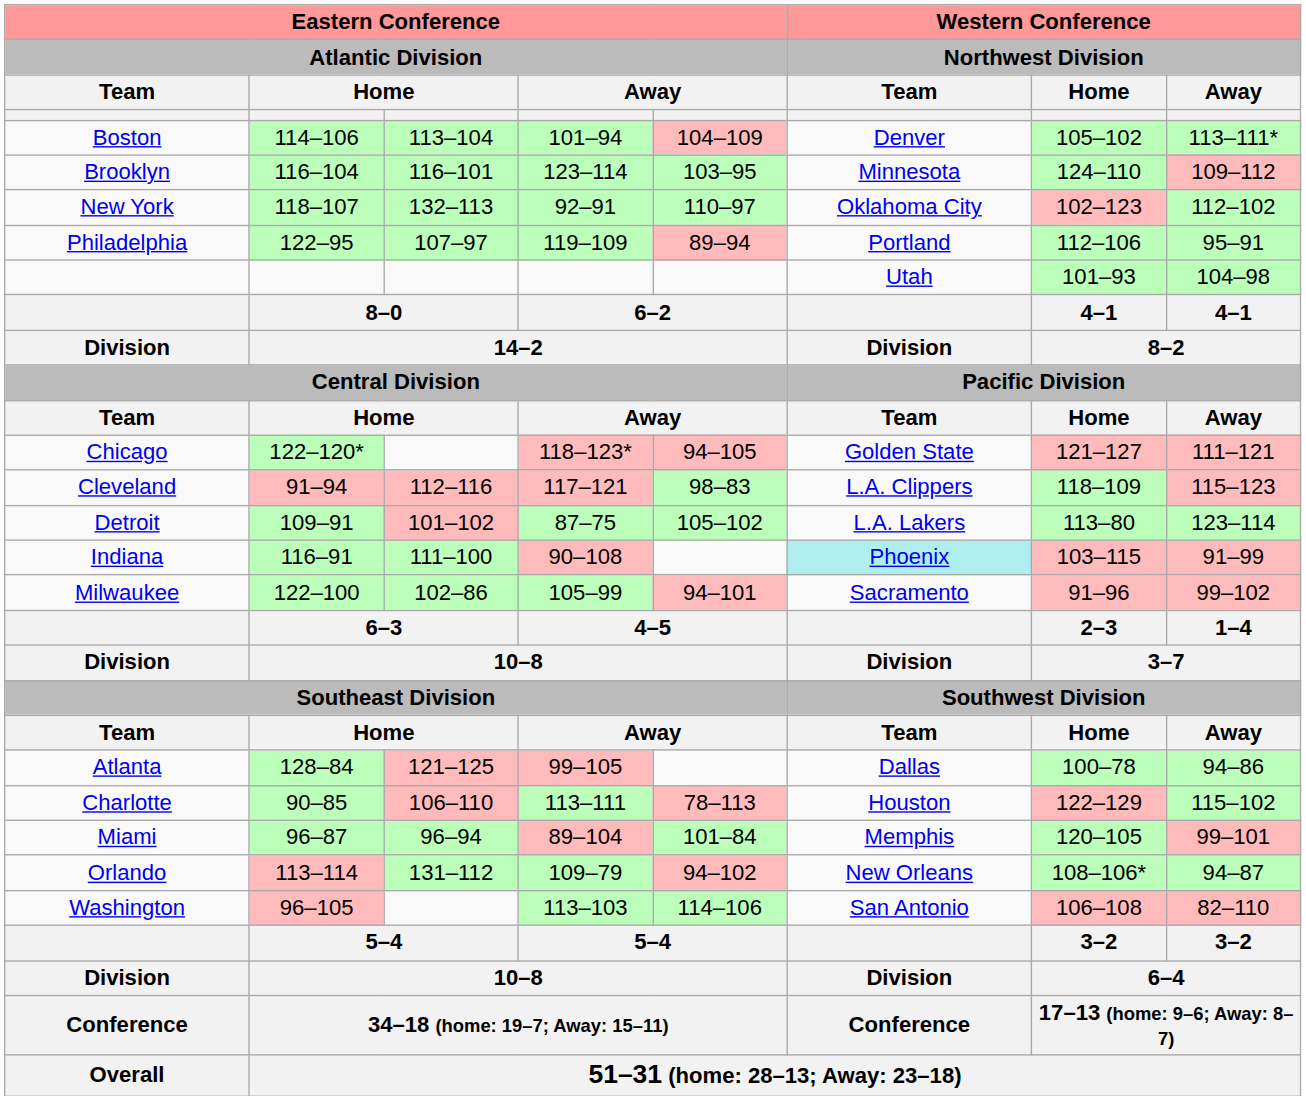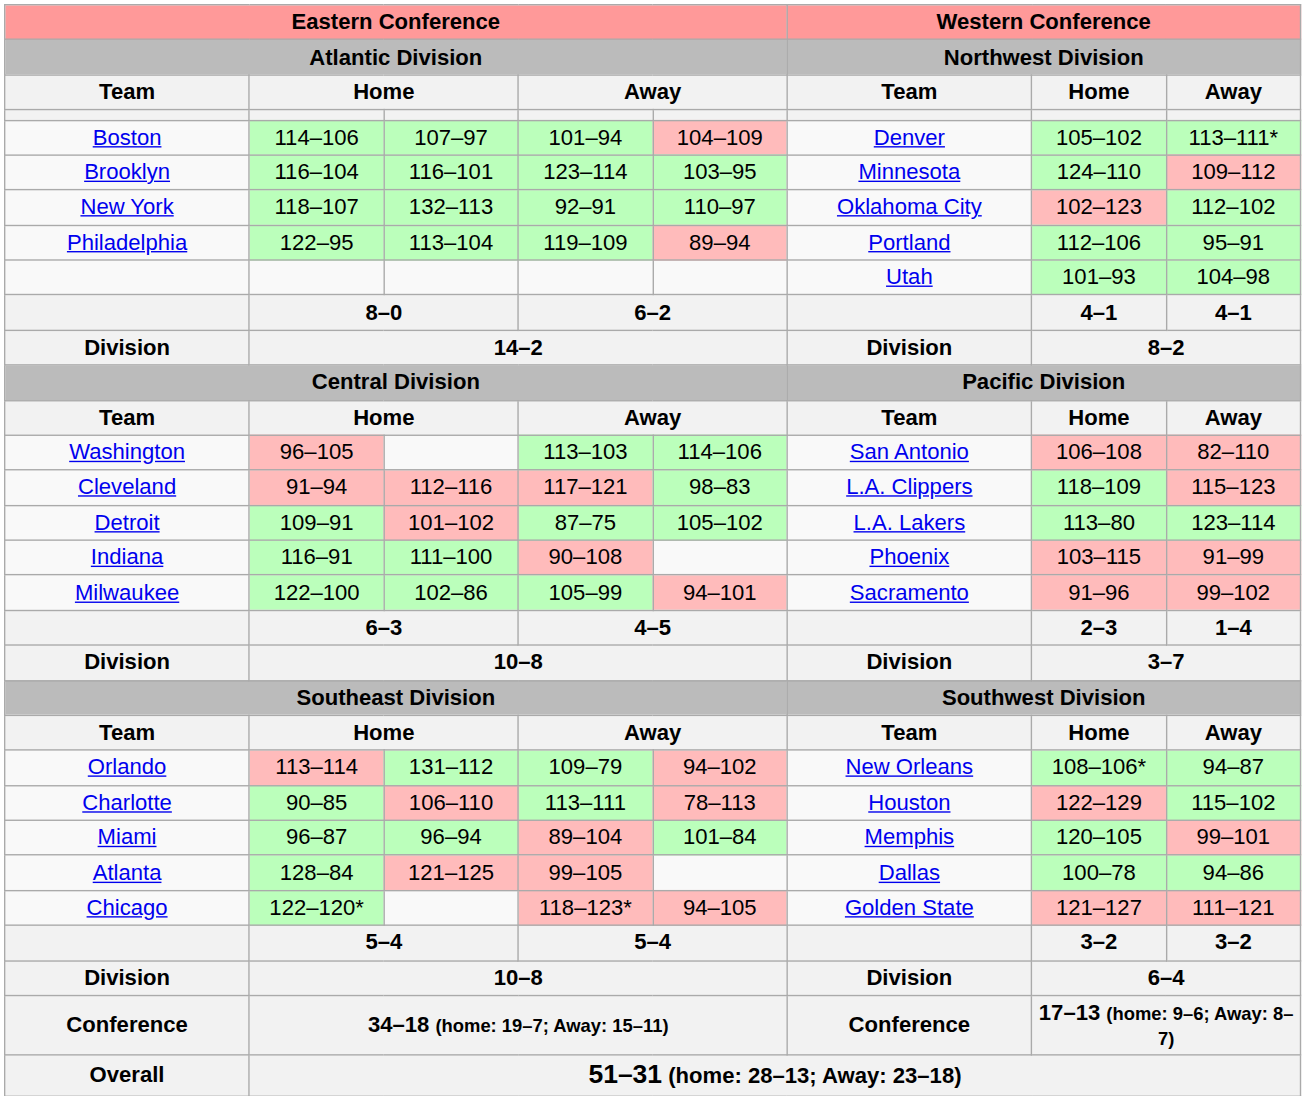 <table class="wikitable" style="font-size: 100%; text-align:center;">
 <tr>
 <th colspan="5" style="background:#FF9999;">Eastern Conference</th>
 <th colspan="3" style="background:#FF9999;">Western Conference</th>
 </tr>
 <tr>
 <th colspan="5" style="background:#BBBBBB;">Atlantic Division</th>
 <th colspan="3" style="background:#BBBBBB;">Northwest Division</th>
 </tr>
 <tr>
 <th colspan="1">Team</th>
 <th colspan="2">Home</th>
 <th colspan="2">Away</th>
 <th colspan="1">Team</th>
 <th colspan="1">Home</th>
 <th colspan="1">Away</th>
 </tr>
 <tr>
 <th width=170></th>
 <th width=90></th>
 <th width=90></th>
 <th width=90></th>
 <th width=90></th>
 <th width=170></th>
 <th width=90></th>
 <th width=90></th>
 </tr>
 <tr>
 <td><a href='#'>Boston</a></td>
 <td style="background:#bfb;">114–106</td>
-<td style="background:#bfb;">113–104</td>
+<td style="background:#bfb;">107–97</td>
 <td style="background:#bfb;">101–94</td>
 <td style="background:#fbb;">104–109</td>
 <td><a href='#'>Denver</a></td>
 <td style="background:#bfb;">105–102</td>
 <td style="background:#bfb;">113–111*</td>
 </tr>
 <tr>
 <td><a href='#'>Brooklyn</a></td>
 <td style="background:#bfb;">116–104</td>
 <td style="background:#bfb;">116–101</td>
 <td style="background:#bfb;">123–114</td>
 <td style="background:#bfb;">103–95</td>
 <td><a href='#'>Minnesota</a></td>
 <td style="background:#bfb;">124–110</td>
 <td style="background:#fbb;">109–112</td>
 </tr>
 <tr>
 <td><a href='#'>New York</a></td>
 <td style="background:#bfb;">118–107</td>
 <td style="background:#bfb;">132–113</td>
 <td style="background:#bfb;">92–91</td>
 <td style="background:#bfb;">110–97</td>
 <td><a href='#'>Oklahoma City</a></td>
 <td style="background:#fbb;">102–123</td>
 <td style="background:#bfb;">112–102</td>
 </tr>
 <tr>
 <td><a href='#'>Philadelphia</a></td>
 <td style="background:#bfb;">122–95</td>
-<td style="background:#bfb;">107–97</td>
+<td style="background:#bfb;">113–104</td>
 <td style="background:#bfb;">119–109</td>
 <td style="background:#fbb;">89–94</td>
 <td><a href='#'>Portland</a></td>
 <td style="background:#bfb;">112–106</td>
 <td style="background:#bfb;">95–91</td>
 </tr>
 <tr>
 <td></td>
 <td></td>
 <td></td>
 <td></td>
 <td></td>
 <td><a href='#'>Utah</a></td>
 <td style="background:#bfb;">101–93</td>
 <td style="background:#bfb;">104–98</td>
 </tr>
 <tr>
 <th colspan="1"></th>
 <th colspan="2"><strong>8–0</strong></th>
 <th colspan="2"><strong>6–2</strong></th>
 <th colspan="1"></th>
 <th colspan="1"><strong>4–1</strong></th>
 <th colspan="1"><strong>4–1</strong></th>
 </tr>
 <tr>
 <th colspan="1"><strong>Division</strong></th>
 <th colspan="4"><strong>14–2</strong></th>
 <th colspan="1"><strong>Division</strong></th>
 <th colspan="2"><strong>8–2</strong></th>
 </tr>
 <tr>
 <th colspan="5" style="background:#BBBBBB;">Central Division</th>
 <th colspan="3" style="background:#BBBBBB;">Pacific Division</th>
 </tr>
 <tr>
 <th colspan="1">Team</th>
 <th colspan="2">Home</th>
 <th colspan="2">Away</th>
 <th colspan="1">Team</th>
 <th colspan="1">Home</th>
 <th colspan="1">Away</th>
 </tr>
 <tr>
-<td><a href='#'>Chicago</a></td>
-<td style="background:#bfb;">122–120*</td>
+<td><a href='#'>Washington</a></td>
+<td style="background:#fbb;">96–105</td>
 <td></td>
-<td style="background:#fbb;">118–123*</td>
-<td style="background:#fbb;">94–105</td>
-<td><a href='#'>Golden State</a></td>
-<td style="background:#fbb;">121–127</td>
-<td style="background:#fbb;">111–121</td>
+<td style="background:#bfb;">113–103</td>
+<td style="background:#bfb;">114–106</td>
+<td><a href='#'>San Antonio</a></td>
+<td style="background:#fbb;">106–108</td>
+<td style="background:#fbb;">82–110</td>
 </tr>
 <tr>
 <td><a href='#'>Cleveland</a></td>
 <td style="background:#fbb;">91–94</td>
 <td style="background:#fbb;">112–116</td>
 <td style="background:#fbb;">117–121</td>
 <td style="background:#bfb;">98–83</td>
 <td><a href='#'>L.A. Clippers</a></td>
 <td style="background:#bfb;">118–109</td>
 <td style="background:#fbb;">115–123</td>
 </tr>
 <tr>
 <td><a href='#'>Detroit</a></td>
 <td style="background:#bfb;">109–91</td>
 <td style="background:#fbb;">101–102</td>
 <td style="background:#bfb;">87–75</td>
 <td style="background:#bfb;">105–102</td>
 <td><a href='#'>L.A. Lakers</a></td>
 <td style="background:#bfb;">113–80</td>
 <td style="background:#bfb;">123–114</td>
 </tr>
 <tr>
 <td><a href='#'>Indiana</a></td>
 <td style="background:#bfb;">116–91</td>
 <td style="background:#bfb;">111–100</td>
 <td style="background:#fbb;">90–108</td>
 <td></td>
-<td style="background: paleturquoise;"><a href='#'>Phoenix</a></td>
+<td><a href='#'>Phoenix</a></td>
 <td style="background:#fbb;">103–115</td>
 <td style="background:#fbb;">91–99</td>
 </tr>
 <tr>
 <td><a href='#'>Milwaukee</a></td>
 <td style="background:#bfb;">122–100</td>
 <td style="background:#bfb;">102–86</td>
 <td style="background:#bfb;">105–99</td>
 <td style="background:#fbb;">94–101</td>
 <td><a href='#'>Sacramento</a></td>
 <td style="background:#fbb;">91–96</td>
 <td style="background:#fbb;">99–102</td>
 </tr>
 <tr>
 <th colspan="1"></th>
 <th colspan="2"><strong>6–3</strong></th>
 <th colspan="2"><strong>4–5</strong></th>
 <th colspan="1"></th>
 <th colspan="1"><strong>2–3</strong></th>
 <th colspan="1"><strong>1–4</strong></th>
 </tr>
 <tr>
 <th colspan="1"><strong>Division</strong></th>
 <th colspan="4"><strong>10–8</strong></th>
 <th colspan="1"><strong>Division</strong></th>
 <th colspan="2"><strong>3–7</strong></th>
 </tr>
 <tr>
 <th colspan="5" style="background:#BBBBBB;">Southeast Division</th>
 <th colspan="3" style="background:#BBBBBB;">Southwest Division</th>
 </tr>
 <tr>
 <th colspan="1">Team</th>
 <th colspan="2">Home</th>
 <th colspan="2">Away</th>
 <th colspan="1">Team</th>
 <th colspan="1">Home</th>
 <th colspan="1">Away</th>
 </tr>
 <tr>
-<td><a href='#'>Atlanta</a></td>
-<td style="background:#bfb;">128–84</td>
-<td style="background:#fbb;">121–125</td>
-<td style="background:#fbb;">99–105</td>
-<td></td>
-<td><a href='#'>Dallas</a></td>
-<td style="background:#bfb;">100–78</td>
-<td style="background:#bfb;">94–86</td>
+<td><a href='#'>Orlando</a></td>
+<td style="background:#fbb;">113–114</td>
+<td style="background:#bfb;">131–112</td>
+<td style="background:#bfb;">109–79</td>
+<td style="background:#fbb;">94–102</td>
+<td><a href='#'>New Orleans</a></td>
+<td style="background:#bfb;">108–106*</td>
+<td style="background:#bfb;">94–87</td>
 </tr>
 <tr>
 <td><a href='#'>Charlotte</a></td>
 <td style="background:#bfb;">90–85</td>
 <td style="background:#fbb;">106–110</td>
 <td style="background:#bfb;">113–111</td>
 <td style="background:#fbb;">78–113</td>
 <td><a href='#'>Houston</a></td>
 <td style="background:#fbb;">122–129</td>
 <td style="background:#bfb;">115–102</td>
 </tr>
 <tr>
 <td><a href='#'>Miami</a></td>
 <td style="background:#bfb;">96–87</td>
 <td style="background:#bfb;">96–94</td>
 <td style="background:#fbb;">89–104</td>
 <td style="background:#bfb;">101–84</td>
 <td><a href='#'>Memphis</a></td>
 <td style="background:#bfb;">120–105</td>
 <td style="background:#fbb;">99–101</td>
 </tr>
 <tr>
-<td><a href='#'>Orlando</a></td>
-<td style="background:#fbb;">113–114</td>
-<td style="background:#bfb;">131–112</td>
-<td style="background:#bfb;">109–79</td>
-<td style="background:#fbb;">94–102</td>
-<td><a href='#'>New Orleans</a></td>
-<td style="background:#bfb;">108–106*</td>
-<td style="background:#bfb;">94–87</td>
+<td><a href='#'>Atlanta</a></td>
+<td style="background:#bfb;">128–84</td>
+<td style="background:#fbb;">121–125</td>
+<td style="background:#fbb;">99–105</td>
+<td></td>
+<td><a href='#'>Dallas</a></td>
+<td style="background:#bfb;">100–78</td>
+<td style="background:#bfb;">94–86</td>
 </tr>
 <tr>
-<td><a href='#'>Washington</a></td>
-<td style="background:#fbb;">96–105</td>
+<td><a href='#'>Chicago</a></td>
+<td style="background:#bfb;">122–120*</td>
 <td></td>
-<td style="background:#bfb;">113–103</td>
-<td style="background:#bfb;">114–106</td>
-<td><a href='#'>San Antonio</a></td>
-<td style="background:#fbb;">106–108</td>
-<td style="background:#fbb;">82–110</td>
+<td style="background:#fbb;">118–123*</td>
+<td style="background:#fbb;">94–105</td>
+<td><a href='#'>Golden State</a></td>
+<td style="background:#fbb;">121–127</td>
+<td style="background:#fbb;">111–121</td>
 </tr>
 <tr>
 <th colspan="1"></th>
 <th colspan="2"><strong>5–4</strong></th>
 <th colspan="2"><strong>5–4</strong></th>
 <th colspan="1"></th>
 <th colspan="1"><strong>3–2</strong></th>
 <th colspan="1"><strong>3–2</strong></th>
 </tr>
 <tr>
 <th colspan="1"><strong>Division</strong></th>
 <th colspan="4"><strong>10–8</strong></th>
 <th colspan="1"><strong>Division</strong></th>
 <th colspan="2"><strong>6–4</strong></th>
 </tr>
 <tr>
 <th colspan="1"><strong>Conference</strong></th>
 <th colspan="4"><strong>34–18 <small>(home: 19–7;  Away: 15–11)</small></strong></th>
 <th colspan="1"><strong>Conference</strong></th>
 <th colspan="2"><strong>17–13 <small>(home: 9–6; Away: 8–7)</small></strong></th>
 </tr>
 <tr>
 <th colspan="1"><strong>Overall</strong></th>
 <th colspan="7"><strong><big>51–31</big>      (home: 28–13;  Away: 23–18)</strong></th>
 </tr>
 </table>
